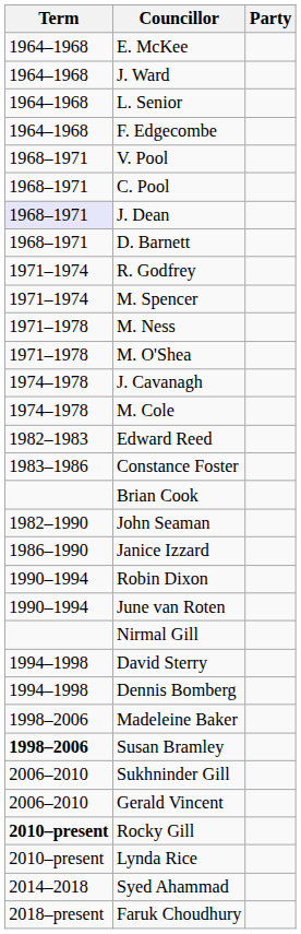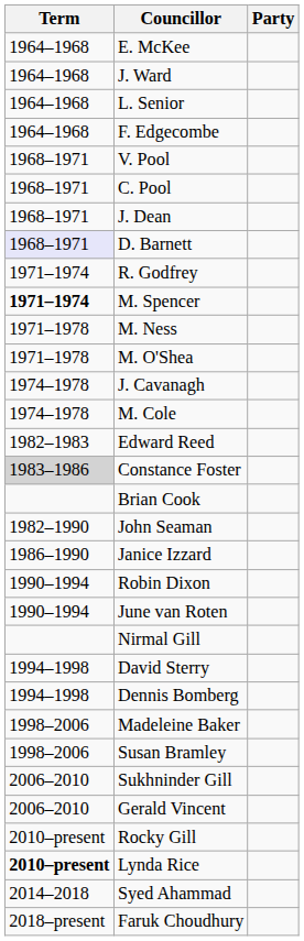 <table class="wikitable">
 <tr>
 <th>Term</th>
 <th>Councillor</th>
 <th colspan=2>Party</th>
 </tr>
 <tr>
 <td>1964–1968</td>
 <td>E. McKee</td>
 <td></td>
 </tr>
 <tr>
 <td>1964–1968</td>
 <td>J. Ward</td>
 <td></td>
 </tr>
 <tr>
 <td>1964–1968</td>
 <td>L. Senior</td>
 <td></td>
 </tr>
 <tr>
 <td>1964–1968</td>
 <td>F. Edgecombe</td>
 <td></td>
 </tr>
 <tr>
 <td>1968–1971</td>
 <td>V. Pool</td>
 <td></td>
 </tr>
 <tr>
 <td>1968–1971</td>
 <td>C. Pool</td>
 <td></td>
 </tr>
 <tr>
-<td style="background: lavender;">1968–1971</td>
+<td>1968–1971</td>
 <td>J. Dean</td>
 <td></td>
 </tr>
 <tr>
-<td>1968–1971</td>
+<td style="background: lavender;">1968–1971</td>
 <td>D. Barnett</td>
 <td></td>
 </tr>
 <tr>
 <td>1971–1974</td>
 <td>R. Godfrey</td>
 <td></td>
 </tr>
 <tr>
-<td>1971–1974</td>
+<td><strong>1971–1974</strong></td>
 <td>M. Spencer</td>
 <td></td>
 </tr>
 <tr>
 <td>1971–1978</td>
 <td>M. Ness</td>
 <td></td>
 </tr>
 <tr>
 <td>1971–1978</td>
 <td>M. O'Shea</td>
 <td></td>
 </tr>
 <tr>
 <td>1974–1978</td>
 <td>J. Cavanagh</td>
 <td></td>
 </tr>
 <tr>
 <td>1974–1978</td>
 <td>M. Cole</td>
 <td></td>
 </tr>
 <tr>
 <td>1982–1983</td>
 <td>Edward Reed</td>
 <td></td>
 </tr>
 <tr>
-<td>1983–1986</td>
+<td style="background: lightgrey;">1983–1986</td>
 <td>Constance Foster</td>
 <td></td>
 </tr>
 <tr>
 <td></td>
 <td>Brian Cook</td>
 <td></td>
 </tr>
 <tr>
 <td>1982–1990</td>
 <td>John Seaman</td>
 <td></td>
 </tr>
 <tr>
 <td>1986–1990</td>
 <td>Janice Izzard</td>
 <td></td>
 </tr>
 <tr>
 <td>1990–1994</td>
 <td>Robin Dixon</td>
 <td></td>
 </tr>
 <tr>
 <td>1990–1994</td>
 <td>June van Roten</td>
 <td></td>
 </tr>
 <tr>
 <td></td>
 <td>Nirmal Gill</td>
 <td></td>
 </tr>
 <tr>
 <td>1994–1998</td>
 <td>David Sterry</td>
 <td></td>
 </tr>
 <tr>
 <td>1994–1998</td>
 <td>Dennis Bomberg</td>
 <td></td>
 </tr>
 <tr>
 <td>1998–2006</td>
 <td>Madeleine Baker</td>
 <td></td>
 </tr>
 <tr>
-<td><strong>1998–2006</strong></td>
+<td>1998–2006</td>
 <td>Susan Bramley</td>
 <td></td>
 </tr>
 <tr>
 <td>2006–2010</td>
 <td>Sukhninder Gill</td>
 <td></td>
 </tr>
 <tr>
 <td>2006–2010</td>
 <td>Gerald Vincent</td>
 <td></td>
 </tr>
 <tr>
-<td><strong>2010–present</strong></td>
+<td>2010–present</td>
 <td>Rocky Gill</td>
 <td></td>
 </tr>
 <tr>
-<td>2010–present</td>
+<td><strong>2010–present</strong></td>
 <td>Lynda Rice</td>
 <td></td>
 </tr>
 <tr>
 <td>2014–2018</td>
 <td>Syed Ahammad</td>
 <td></td>
 </tr>
 <tr>
 <td>2018–present</td>
 <td>Faruk Choudhury</td>
 <td></td>
 </tr>
 </table>
